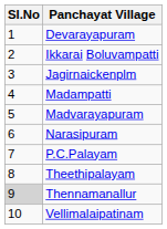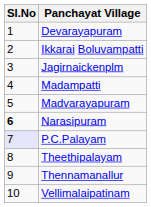 <table class="wikitable sortable">
 <tr>
 <th>SI.No</th>
 <th>Panchayat Village</th>
 </tr>
 <tr>
 <td>1</td>
 <td><a href='#'>Devarayapuram</a></td>
 </tr>
 <tr>
 <td>2</td>
 <td><a href='#'>Ikkarai</a> <a href='#'>Boluvampatti</a></td>
 </tr>
 <tr>
 <td>3</td>
 <td><a href='#'>Jagirnaickenplm</a></td>
 </tr>
 <tr>
 <td>4</td>
 <td><a href='#'>Madampatti</a></td>
 </tr>
 <tr>
 <td>5</td>
 <td><a href='#'>Madvarayapuram</a></td>
 </tr>
 <tr>
-<td>6</td>
+<td><strong>6</strong></td>
 <td><a href='#'>Narasipuram</a></td>
 </tr>
 <tr>
-<td>7</td>
+<td style="background: lavender;">7</td>
 <td><a href='#'>P.C.Palayam</a></td>
 </tr>
 <tr>
 <td>8</td>
 <td><a href='#'>Theethipalayam</a></td>
 </tr>
 <tr>
-<td style="background: lightgrey;">9</td>
+<td>9</td>
 <td><a href='#'>Thennamanallur</a></td>
 </tr>
 <tr>
 <td>10</td>
 <td><a href='#'>Vellimalaipatinam</a></td>
 </tr>
 </table>
